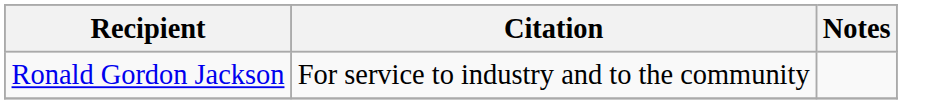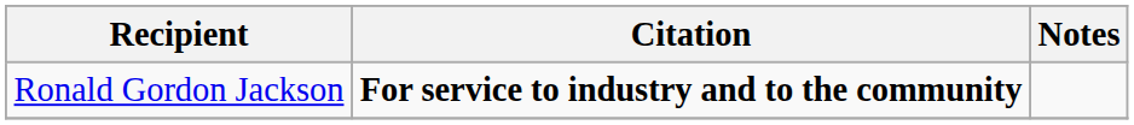 <table class="wikitable" style="font-size:95%;">
 <tr>
 <th>Recipient</th>
 <th>Citation</th>
 <th>Notes</th>
 </tr>
 <tr>
 <td><a href='#'>Ronald Gordon Jackson</a> </td>
-<td>For service to industry and to the community</td>
+<td><strong>For service to industry and to the community</strong></td>
 <td></td>
 </tr>
 <tr>
 </tr>
 </table>
